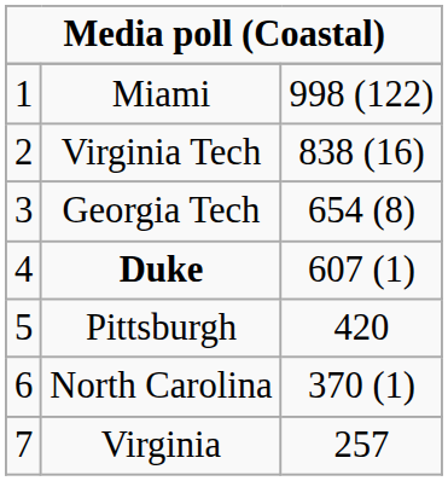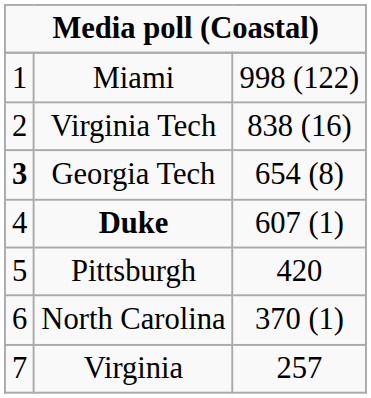 <table class="wikitable">
 <tr align="center">
 <td align="center" Colspan="3"><strong>Media poll (Coastal)</strong></td>
 </tr>
 <tr align="center">
 </tr>
 <tr align="center">
 <td>1</td>
 <td>Miami</td>
 <td>998 (122)</td>
 </tr>
 <tr align="center">
 <td>2</td>
 <td>Virginia Tech</td>
 <td>838 (16)</td>
 </tr>
 <tr align="center">
-<td>3</td>
+<td><strong>3</strong></td>
 <td>Georgia Tech</td>
 <td>654 (8)</td>
 </tr>
 <tr align="center">
 <td>4</td>
 <td><strong>Duke</strong></td>
 <td>607 (1)</td>
 </tr>
 <tr align="center">
 <td>5</td>
 <td>Pittsburgh</td>
 <td>420</td>
 </tr>
 <tr align="center">
 <td>6</td>
 <td>North Carolina</td>
 <td>370 (1)</td>
 </tr>
 <tr align="center">
 <td>7</td>
 <td>Virginia</td>
 <td>257</td>
 </tr>
 </table>
